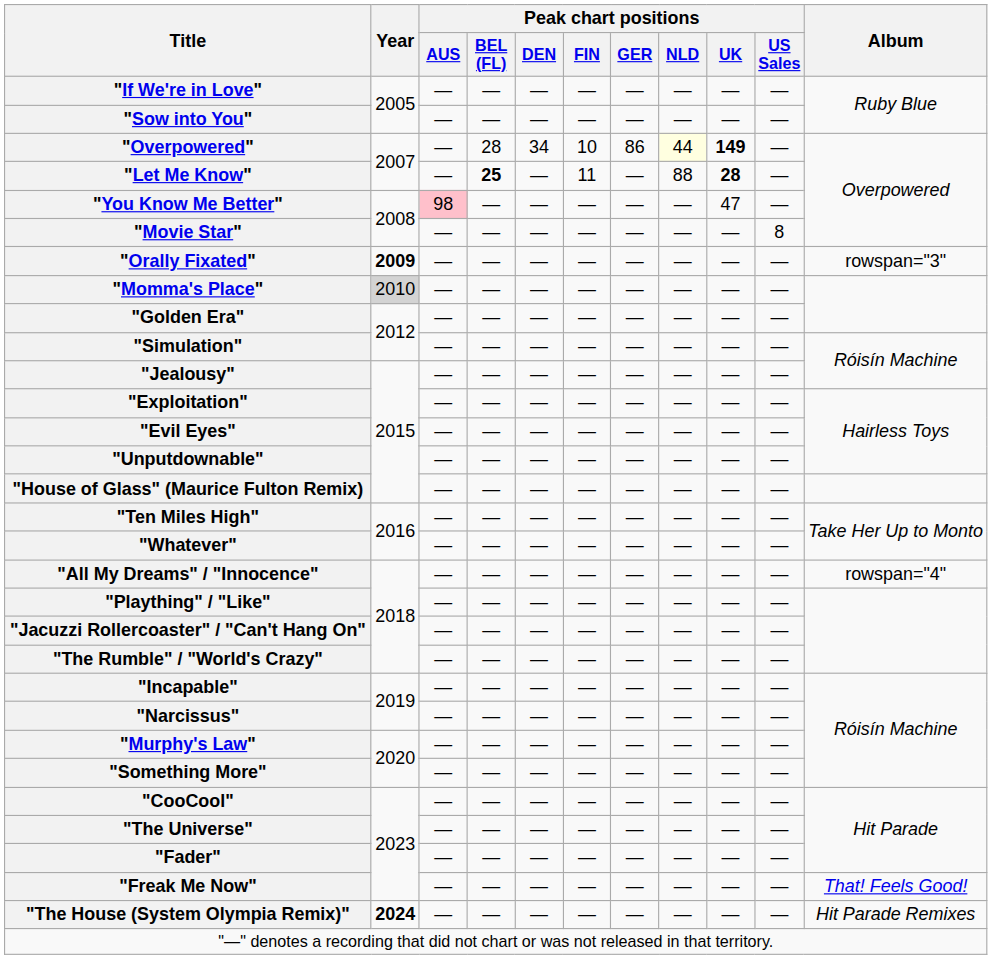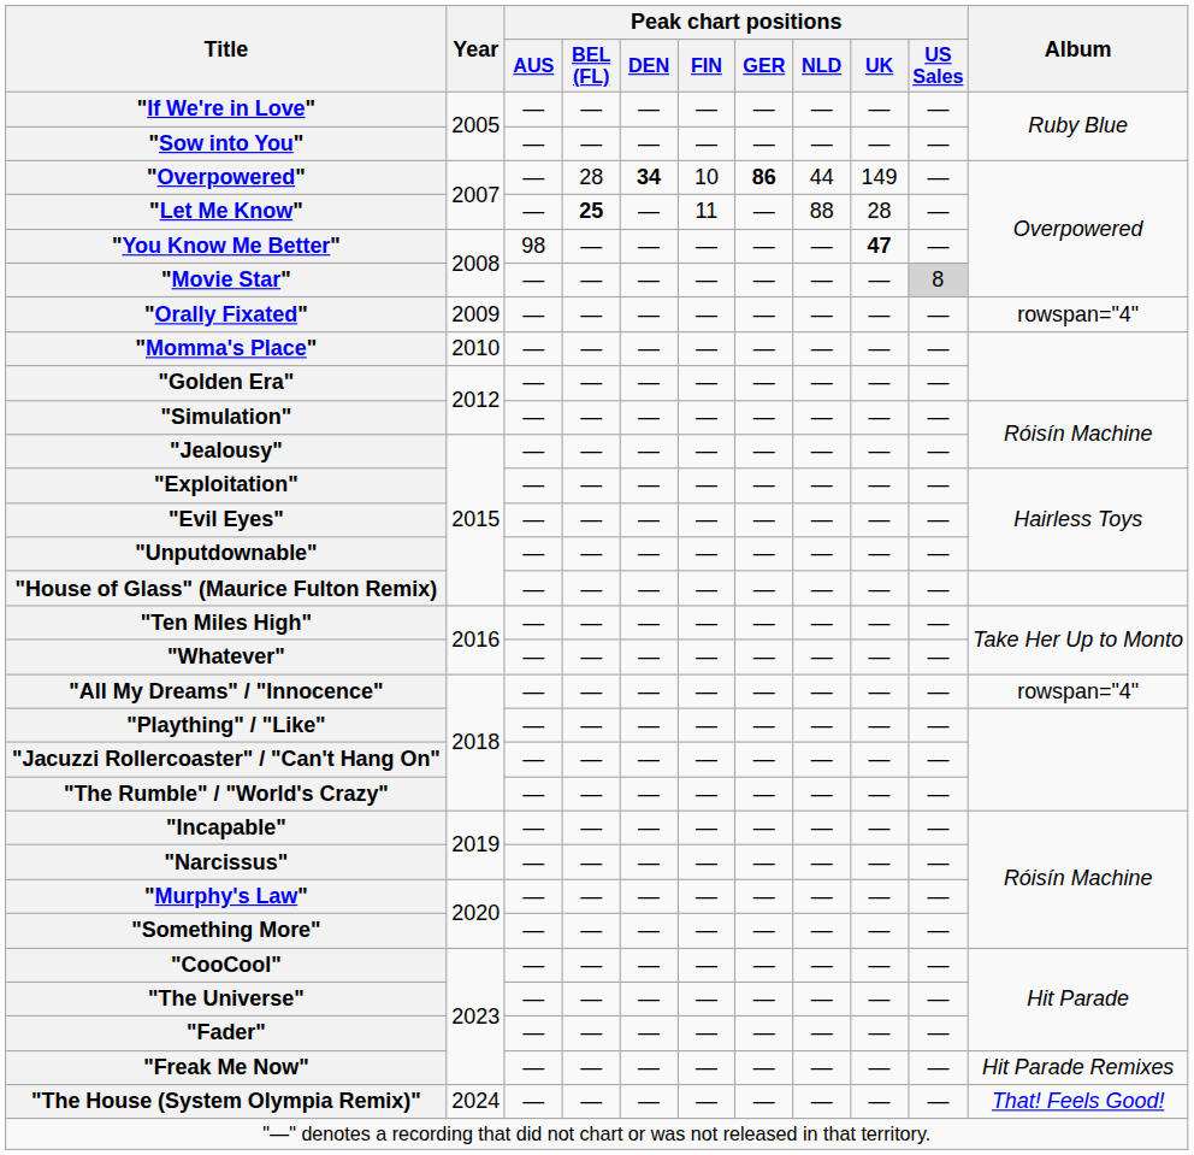 <table class="wikitable plainrowheaders" style="text-align:center">
 <tr>
 <th scope="col" rowspan="2" style="width:20em;">Title</th>
 <th scope="col" rowspan="2" style="width:1em;">Year</th>
 <th scope="col" colspan="8">Peak chart positions</th>
 <th scope="col" rowspan="2">Album</th>
 </tr>
 <tr>
 <th scope="col" style="width:2.5em;font-size:90%;"><a href='#'>AUS</a><br></th>
 <th scope="col" style="width:2.5em;font-size:90%;"><a href='#'>BEL<br>(FL)</a><br></th>
 <th scope="col" style="width:2.5em;font-size:90%;"><a href='#'>DEN</a><br></th>
 <th scope="col" style="width:2.5em;font-size:90%;"><a href='#'>FIN</a><br></th>
 <th scope="col" style="width:2.5em;font-size:90%;"><a href='#'>GER</a><br></th>
 <th scope="col" style="width:2.5em;font-size:90%;"><a href='#'>NLD</a><br></th>
 <th scope="col" style="width:2.5em;font-size:90%;"><a href='#'>UK</a><br></th>
 <th scope="col" style="width:2.5em;font-size:90%;"><a href='#'>US<br>Sales</a><br></th>
 </tr>
 <tr>
 <th scope="row">"<a href='#'>If We're in Love</a>"</th>
 <td rowspan="2">2005</td>
 <td>—</td>
 <td>—</td>
 <td>—</td>
 <td>—</td>
 <td>—</td>
 <td>—</td>
 <td>—</td>
 <td>—</td>
 <td rowspan="2"><em>Ruby Blue</em></td>
 </tr>
 <tr>
 <th scope="row">"<a href='#'>Sow into You</a>"</th>
 <td>—</td>
 <td>—</td>
 <td>—</td>
 <td>—</td>
 <td>—</td>
 <td>—</td>
 <td>—</td>
 <td>—</td>
 </tr>
 <tr>
 <th scope="row">"<a href='#'>Overpowered</a>"</th>
 <td rowspan="2">2007</td>
 <td>—</td>
 <td>28</td>
-<td>34</td>
+<td><strong>34</strong></td>
 <td>10</td>
-<td>86</td>
-<td style="background: lightyellow;">44</td>
-<td><strong>149</strong></td>
+<td><strong>86</strong></td>
+<td>44</td>
+<td>149</td>
 <td>—</td>
 <td rowspan="4"><em>Overpowered</em></td>
 </tr>
 <tr>
 <th scope="row">"<a href='#'>Let Me Know</a>"</th>
 <td>—</td>
 <td><strong>25</strong></td>
 <td>—</td>
 <td>11</td>
 <td>—</td>
 <td>88</td>
-<td><strong>28</strong></td>
+<td>28</td>
 <td>—</td>
 </tr>
 <tr>
 <th scope="row">"<a href='#'>You Know Me Better</a>"</th>
 <td rowspan="2">2008</td>
-<td style="background: pink;">98</td>
+<td>98</td>
 <td>—</td>
 <td>—</td>
 <td>—</td>
 <td>—</td>
 <td>—</td>
-<td>47</td>
+<td><strong>47</strong></td>
 <td>—</td>
 </tr>
 <tr>
 <th scope="row">"<a href='#'>Movie Star</a>"</th>
 <td>—</td>
 <td>—</td>
 <td>—</td>
 <td>—</td>
 <td>—</td>
 <td>—</td>
 <td>—</td>
-<td>8</td>
+<td style="background: lightgrey;">8</td>
 </tr>
 <tr>
 <th scope="row">"<a href='#'>Orally Fixated</a>"</th>
-<td><strong>2009</strong></td>
+<td>2009</td>
 <td>—</td>
 <td>—</td>
 <td>—</td>
 <td>—</td>
 <td>—</td>
 <td>—</td>
 <td>—</td>
 <td>—</td>
-<td>rowspan="3" </td>
+<td>rowspan="4" </td>
 </tr>
 <tr>
 <th scope="row">"<a href='#'>Momma's Place</a>"</th>
-<td style="background: lightgrey;">2010</td>
+<td>2010</td>
 <td>—</td>
 <td>—</td>
 <td>—</td>
 <td>—</td>
 <td>—</td>
 <td>—</td>
 <td>—</td>
 <td>—</td>
 </tr>
 <tr>
 <th scope="row">"Golden Era"<br></th>
 <td rowspan="2">2012</td>
 <td>—</td>
 <td>—</td>
 <td>—</td>
 <td>—</td>
 <td>—</td>
 <td>—</td>
 <td>—</td>
 <td>—</td>
 </tr>
 <tr>
 <th scope="row">"Simulation"</th>
 <td>—</td>
 <td>—</td>
 <td>—</td>
 <td>—</td>
 <td>—</td>
 <td>—</td>
 <td>—</td>
 <td>—</td>
 <td rowspan="2"><em>Róisín Machine</em></td>
 </tr>
 <tr>
 <th scope="row">"Jealousy"</th>
 <td rowspan="5">2015</td>
 <td>—</td>
 <td>—</td>
 <td>—</td>
 <td>—</td>
 <td>—</td>
 <td>—</td>
 <td>—</td>
 <td>—</td>
 </tr>
 <tr>
 <th scope="row">"Exploitation"</th>
 <td>—</td>
 <td>—</td>
 <td>—</td>
 <td>—</td>
 <td>—</td>
 <td>—</td>
 <td>—</td>
 <td>—</td>
 <td rowspan="3"><em>Hairless Toys</em></td>
 </tr>
 <tr>
 <th scope="row">"Evil Eyes"</th>
 <td>—</td>
 <td>—</td>
 <td>—</td>
 <td>—</td>
 <td>—</td>
 <td>—</td>
 <td>—</td>
 <td>—</td>
 </tr>
 <tr>
 <th scope="row">"Unputdownable"</th>
 <td>—</td>
 <td>—</td>
 <td>—</td>
 <td>—</td>
 <td>—</td>
 <td>—</td>
 <td>—</td>
 <td>—</td>
 </tr>
 <tr>
 <th scope="row">"House of Glass" (Maurice Fulton Remix)</th>
 <td>—</td>
 <td>—</td>
 <td>—</td>
 <td>—</td>
 <td>—</td>
 <td>—</td>
 <td>—</td>
 <td>—</td>
 <td></td>
 </tr>
 <tr>
 <th scope="row">"Ten Miles High"</th>
 <td rowspan="2">2016</td>
 <td>—</td>
 <td>—</td>
 <td>—</td>
 <td>—</td>
 <td>—</td>
 <td>—</td>
 <td>—</td>
 <td>—</td>
 <td rowspan="2"><em>Take Her Up to Monto</em></td>
 </tr>
 <tr>
 <th scope="row">"Whatever"</th>
 <td>—</td>
 <td>—</td>
 <td>—</td>
 <td>—</td>
 <td>—</td>
 <td>—</td>
 <td>—</td>
 <td>—</td>
 </tr>
 <tr>
 <th scope="row">"All My Dreams" / "Innocence"</th>
 <td rowspan="4">2018</td>
 <td>—</td>
 <td>—</td>
 <td>—</td>
 <td>—</td>
 <td>—</td>
 <td>—</td>
 <td>—</td>
 <td>—</td>
 <td>rowspan="4" </td>
 </tr>
 <tr>
 <th scope="row">"Plaything" / "Like"</th>
 <td>—</td>
 <td>—</td>
 <td>—</td>
 <td>—</td>
 <td>—</td>
 <td>—</td>
 <td>—</td>
 <td>—</td>
 </tr>
 <tr>
 <th scope="row">"Jacuzzi Rollercoaster" / "Can't Hang On"<br></th>
 <td>—</td>
 <td>—</td>
 <td>—</td>
 <td>—</td>
 <td>—</td>
 <td>—</td>
 <td>—</td>
 <td>—</td>
 </tr>
 <tr>
 <th scope="row">"The Rumble" / "World's Crazy"</th>
 <td>—</td>
 <td>—</td>
 <td>—</td>
 <td>—</td>
 <td>—</td>
 <td>—</td>
 <td>—</td>
 <td>—</td>
 </tr>
 <tr>
 <th scope="row">"Incapable"</th>
 <td rowspan="2">2019</td>
 <td>—</td>
 <td>—</td>
 <td>—</td>
 <td>—</td>
 <td>—</td>
 <td>—</td>
 <td>—</td>
 <td>—</td>
 <td rowspan="4"><em>Róisín Machine</em></td>
 </tr>
 <tr>
 <th scope="row">"Narcissus"</th>
 <td>—</td>
 <td>—</td>
 <td>—</td>
 <td>—</td>
 <td>—</td>
 <td>—</td>
 <td>—</td>
 <td>—</td>
 </tr>
 <tr>
 <th scope="row">"<a href='#'>Murphy's Law</a>"</th>
 <td rowspan="2">2020</td>
 <td>—</td>
 <td>—</td>
 <td>—</td>
 <td>—</td>
 <td>—</td>
 <td>—</td>
 <td>—</td>
 <td>—</td>
 </tr>
 <tr>
 <th scope="row">"Something More"</th>
 <td>—</td>
 <td>—</td>
 <td>—</td>
 <td>—</td>
 <td>—</td>
 <td>—</td>
 <td>—</td>
 <td>—</td>
 </tr>
 <tr>
 <th scope="row">"CooCool"</th>
 <td rowspan="4">2023</td>
 <td>—</td>
 <td>—</td>
 <td>—</td>
 <td>—</td>
 <td>—</td>
 <td>—</td>
 <td>—</td>
 <td>—</td>
 <td rowspan="3"><em>Hit Parade</em></td>
 </tr>
 <tr>
 <th scope="row">"The Universe"</th>
 <td>—</td>
 <td>—</td>
 <td>—</td>
 <td>—</td>
 <td>—</td>
 <td>—</td>
 <td>—</td>
 <td>—</td>
 </tr>
 <tr>
 <th scope="row">"Fader"</th>
 <td>—</td>
 <td>—</td>
 <td>—</td>
 <td>—</td>
 <td>—</td>
 <td>—</td>
 <td>—</td>
 <td>—</td>
 </tr>
 <tr>
 <th scope="row">"Freak Me Now"<br></th>
 <td>—</td>
 <td>—</td>
 <td>—</td>
 <td>—</td>
 <td>—</td>
 <td>—</td>
 <td>—</td>
 <td>—</td>
-<td><em><a href='#'>That! Feels Good!</a></em></td>
+<td><em>Hit Parade Remixes</em></td>
 </tr>
 <tr>
 <th scope="row">"The House (System Olympia Remix)"</th>
-<td><strong>2024</strong></td>
+<td>2024</td>
 <td>—</td>
 <td>—</td>
 <td>—</td>
 <td>—</td>
 <td>—</td>
 <td>—</td>
 <td>—</td>
 <td>—</td>
-<td><em>Hit Parade Remixes</em></td>
+<td><em><a href='#'>That! Feels Good!</a></em></td>
 </tr>
 <tr>
 <td colspan="12" style="font-size:90%">"—" denotes a recording that did not chart or was not released in that territory.</td>
 </tr>
 </table>
